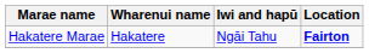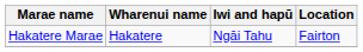 <table class="wikitable sortable">
 <tr>
 <th>Marae name</th>
 <th>Wharenui name</th>
 <th>Iwi and hapū</th>
 <th>Location</th>
 </tr>
 <tr>
 <td><a href='#'>Hakatere Marae</a></td>
 <td><a href='#'>Hakatere</a></td>
 <td><a href='#'>Ngāi Tahu</a></td>
-<td><strong><a href='#'>Fairton</a></strong></td>
+<td><a href='#'>Fairton</a></td>
 </tr>
 <tr>
 </tr>
 </table>
